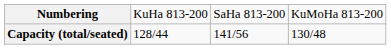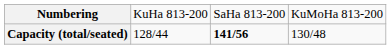 <table class="wikitable">
 <tr>
 <th>Numbering</th>
 <td>KuHa 813-200</td>
 <td>SaHa 813-200</td>
 <td>KuMoHa 813-200</td>
 </tr>
 <tr>
 <th>Capacity (total/seated)</th>
 <td>128/44</td>
-<td>141/56</td>
+<td><strong>141/56</strong></td>
 <td>130/48</td>
 </tr>
 </table>
